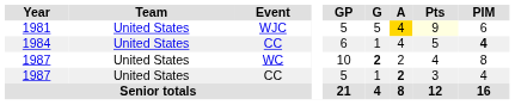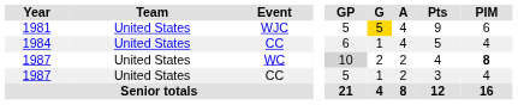 <table border="0" cellpadding="1" cellspacing="0" style="text-align:center; width:40em">
 <tr ALIGN="centre" bgcolor="#e0e0e0">
 <th>Year</th>
 <th>Team</th>
 <th>Event</th>
 <th rowspan="99" bgcolor="#ffffff"> </th>
 <th>GP</th>
 <th>G</th>
 <th>A</th>
 <th>Pts</th>
 <th>PIM</th>
 </tr>
 <tr>
 <td><a href='#'>1981</a></td>
 <td><a href='#'>United States</a></td>
 <td><a href='#'>WJC</a></td>
 <td>5</td>
-<td>5</td>
-<td style="background: gold;">4</td>
-<td style="background: lightyellow;">9</td>
+<td style="background: gold;">5</td>
+<td>4</td>
+<td>9</td>
 <td>6</td>
 </tr>
 <tr bgcolor="#f0f0f0">
 <td><a href='#'>1984</a></td>
 <td><a href='#'>United States</a></td>
 <td><a href='#'>CC</a></td>
 <td>6</td>
 <td>1</td>
 <td>4</td>
 <td>5</td>
-<td><strong>4</strong></td>
+<td>4</td>
 </tr>
 <tr>
 <td><a href='#'>1987</a></td>
 <td>United States</td>
 <td><a href='#'>WC</a></td>
-<td>10</td>
-<td><strong>2</strong></td>
+<td style="background: lightgrey;">10</td>
+<td>2</td>
 <td>2</td>
 <td>4</td>
-<td>8</td>
+<td><strong>8</strong></td>
 </tr>
 <tr bgcolor="#f0f0f0">
 <td><a href='#'>1987</a></td>
 <td>United States</td>
 <td>CC</td>
 <td>5</td>
 <td>1</td>
-<td><strong>2</strong></td>
+<td>2</td>
 <td>3</td>
 <td>4</td>
 </tr>
 <tr style="background:#e0e0e0;">
 <th colspan="3">Senior totals</th>
 <th>21</th>
 <th>4</th>
 <th>8</th>
 <th>12</th>
 <th>16</th>
 </tr>
 </table>
